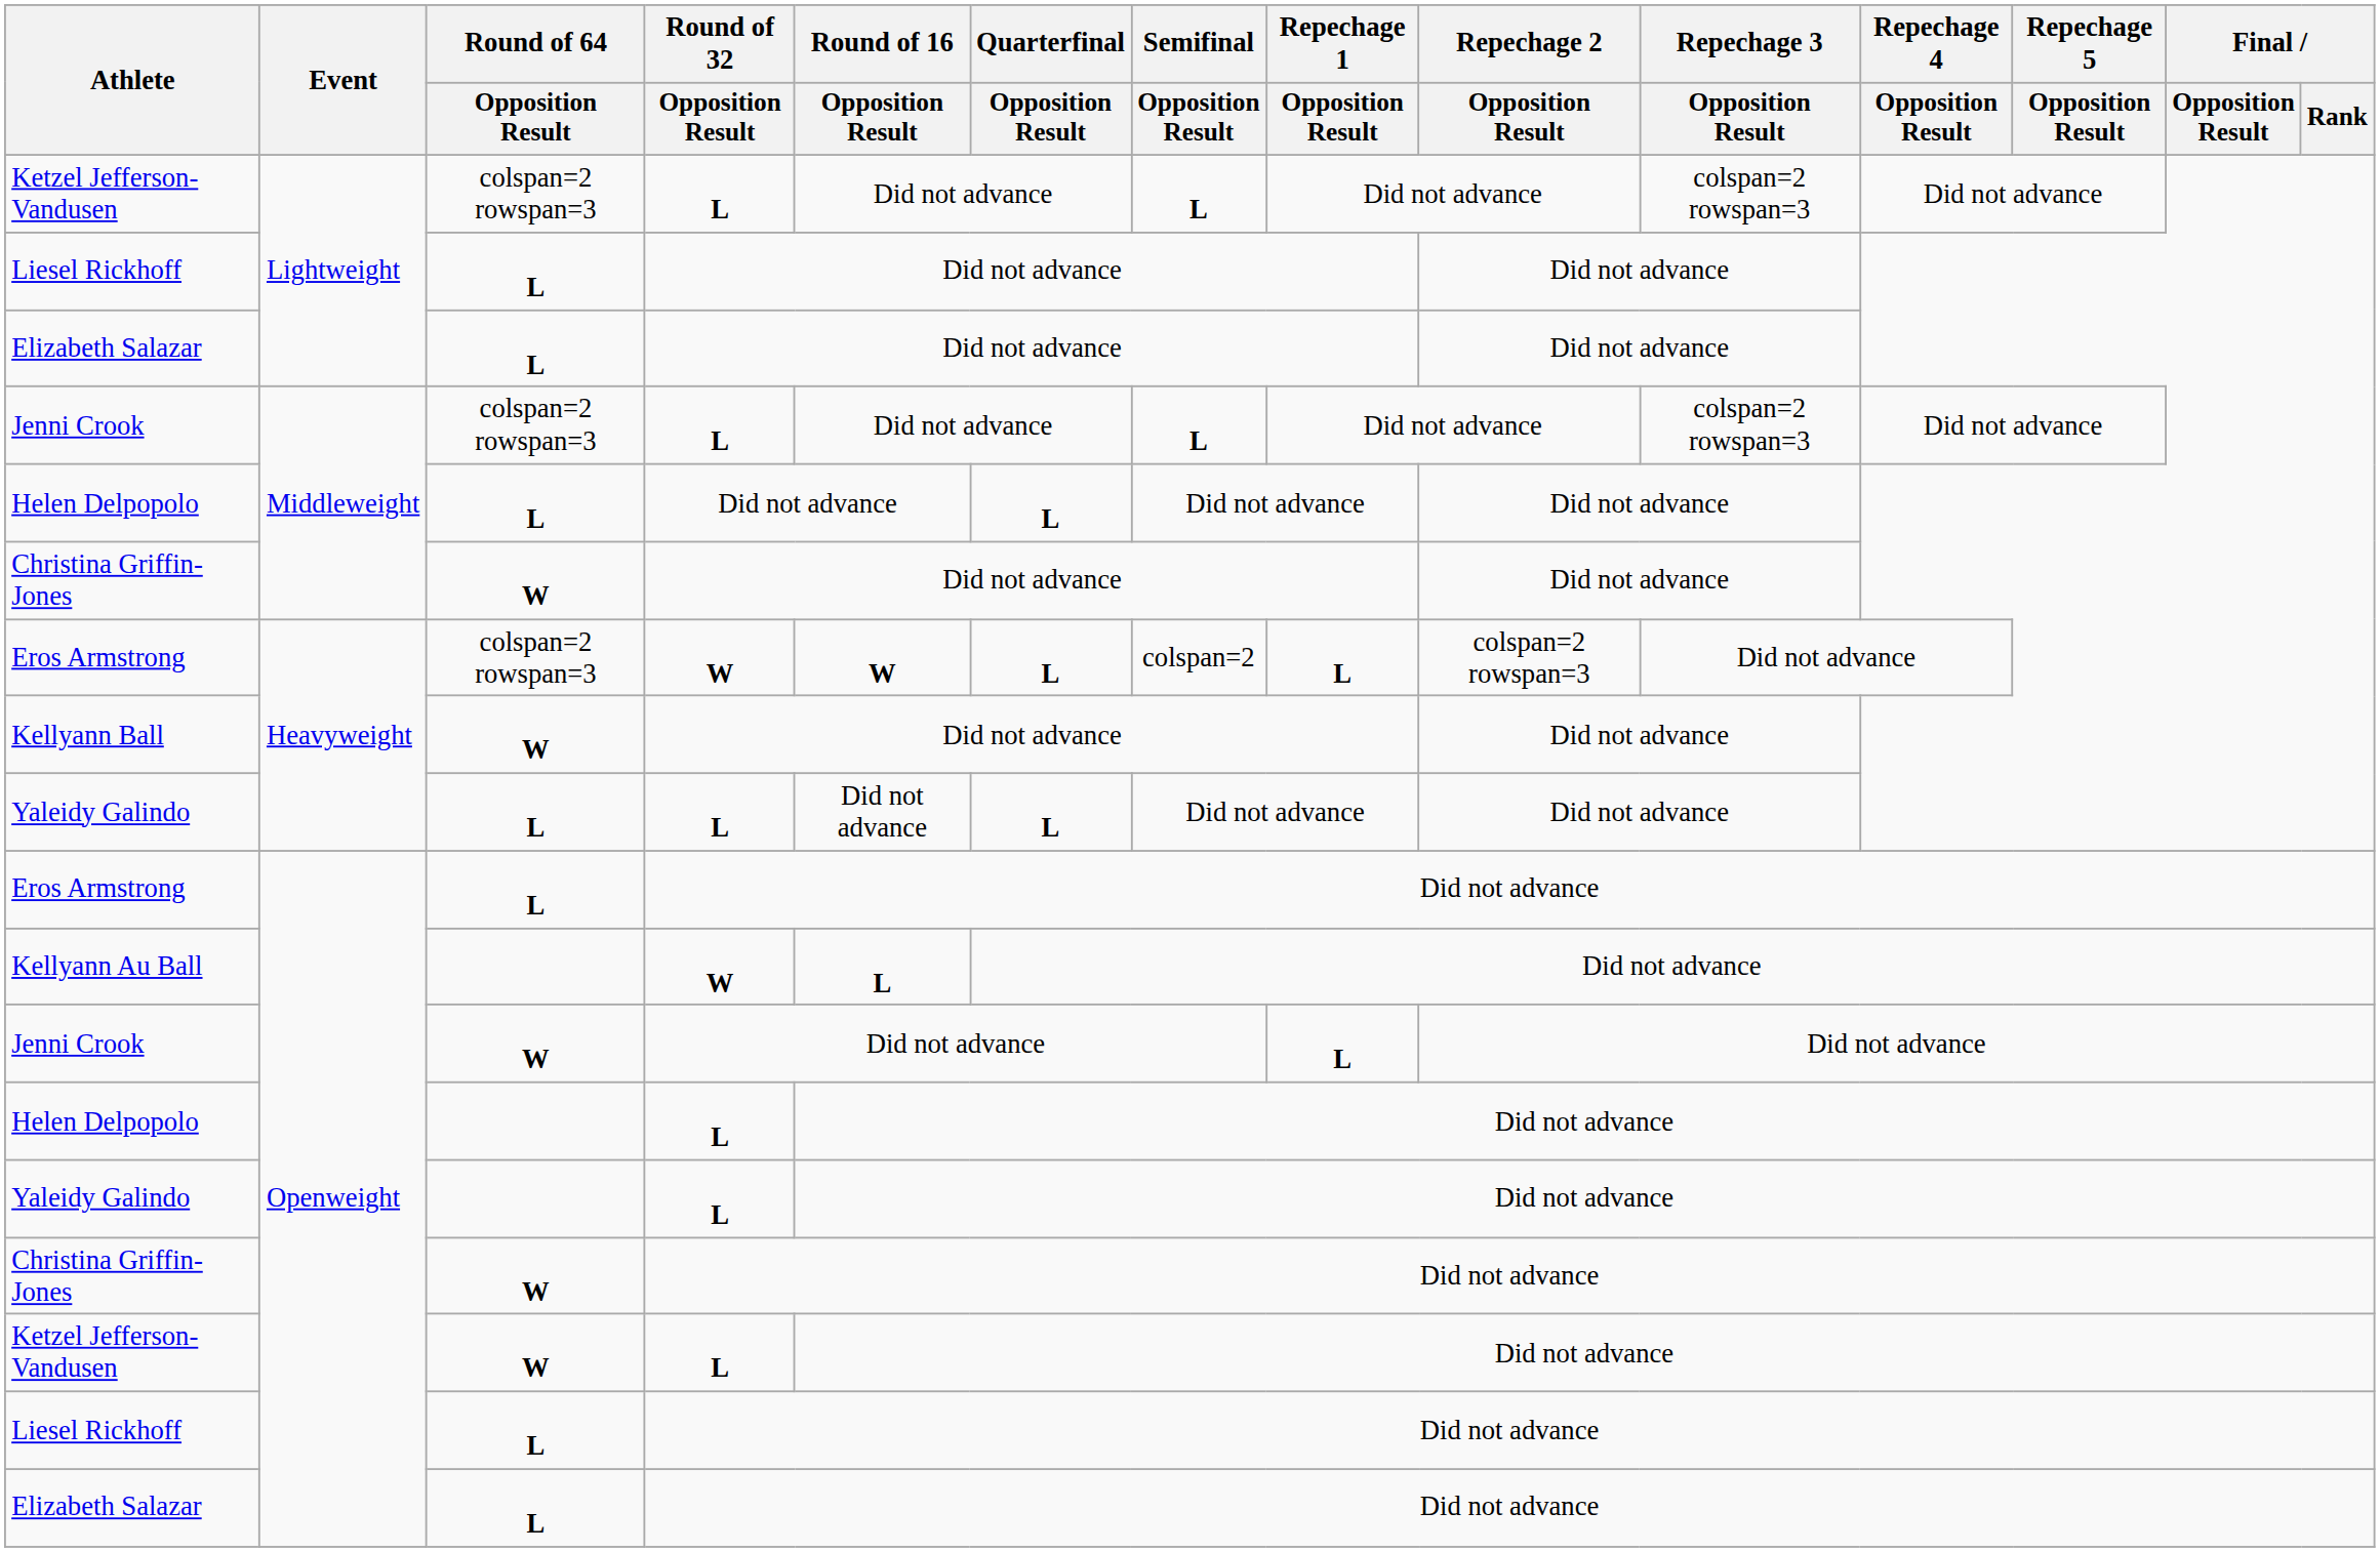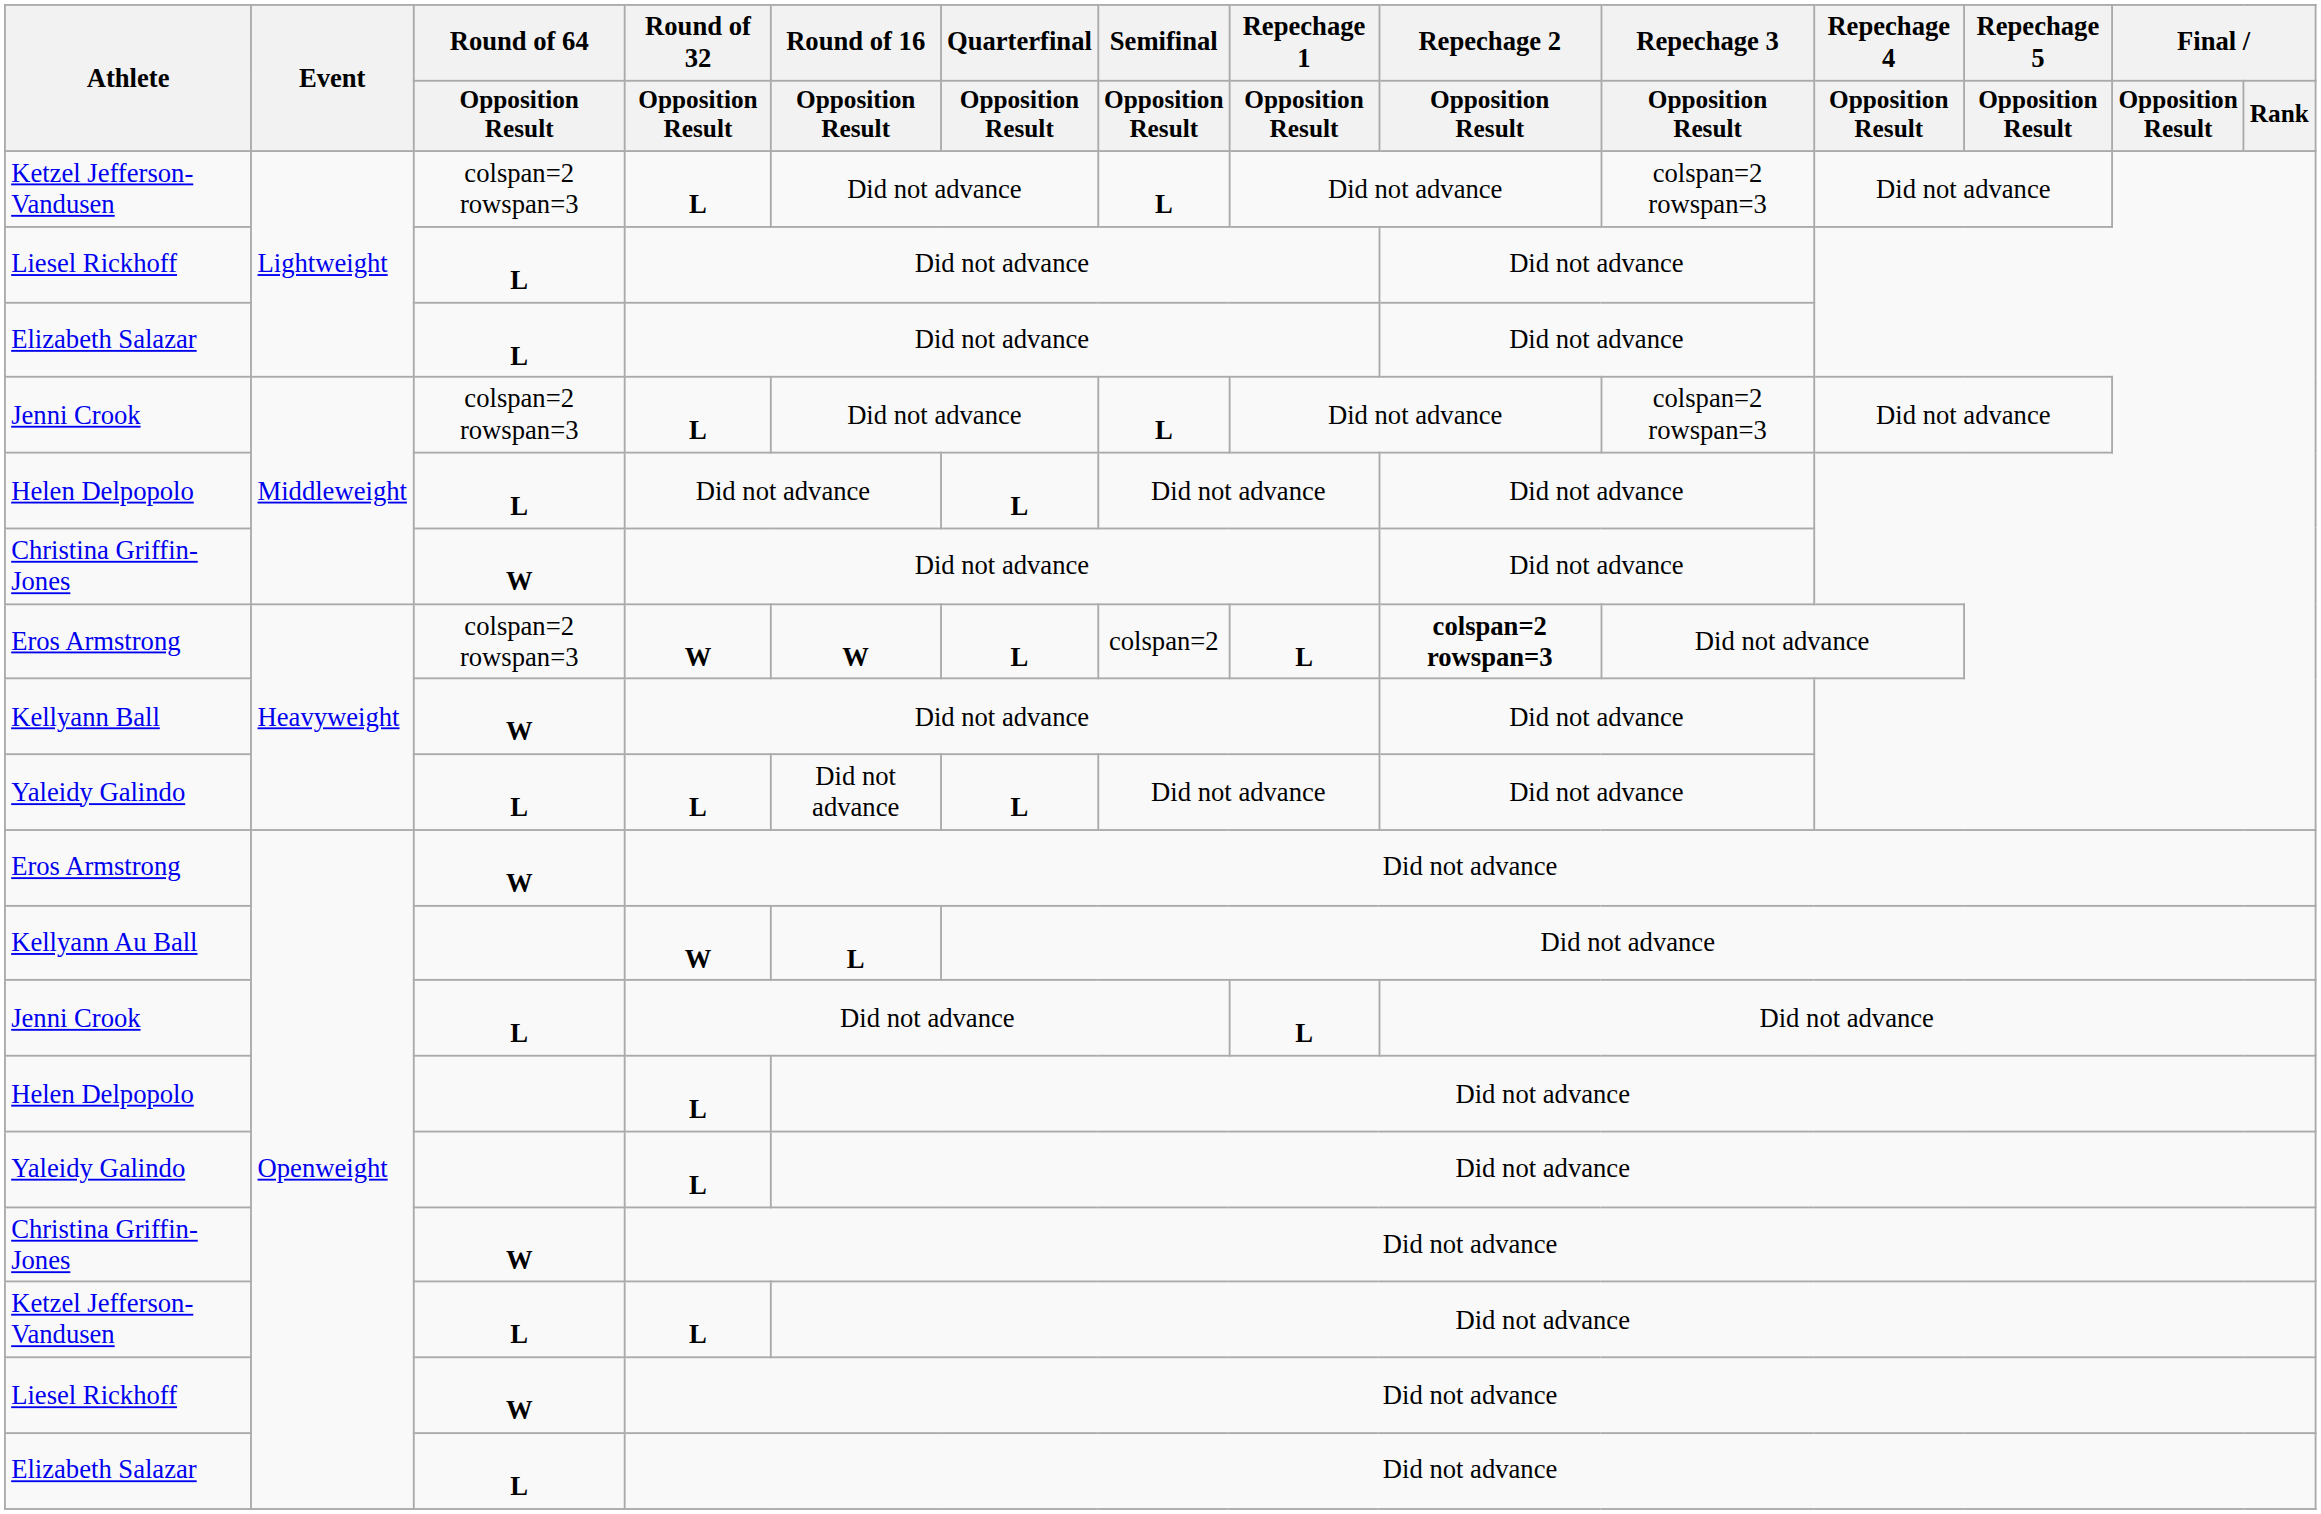 <table class=wikitable style=font-size:90%;text-align:center>
 <tr>
 <th rowspan=2>Athlete</th>
 <th rowspan=2>Event</th>
 <th>Round of 64</th>
 <th>Round of 32</th>
 <th>Round of 16</th>
 <th>Quarterfinal</th>
 <th>Semifinal</th>
 <th>Repechage 1</th>
 <th>Repechage 2</th>
 <th>Repechage 3</th>
 <th>Repechage 4</th>
 <th>Repechage 5</th>
 <th colspan=2>Final / </th>
 </tr>
 <tr style=font-size:95%>
 <th>Opposition<br>Result</th>
 <th>Opposition<br>Result</th>
 <th>Opposition<br>Result</th>
 <th>Opposition<br>Result</th>
 <th>Opposition<br>Result</th>
 <th>Opposition<br>Result</th>
 <th>Opposition<br>Result</th>
 <th>Opposition<br>Result</th>
 <th>Opposition<br>Result</th>
 <th>Opposition<br>Result</th>
 <th>Opposition<br>Result</th>
 <th>Rank</th>
 </tr>
 <tr>
 <td align=left><a href='#'>Ketzel Jefferson-Vandusen</a></td>
 <td align=left rowspan=3><a href='#'>Lightweight</a></td>
 <td>colspan=2 rowspan=3 </td>
 <td><br><strong>L</strong></td>
 <td colspan=2>Did not advance</td>
 <td><br><strong>L</strong></td>
 <td colspan=2>Did not advance</td>
 <td>colspan=2 rowspan=3 </td>
 <td colspan=2>Did not advance</td>
 </tr>
 <tr>
 <td align=left><a href='#'>Liesel Rickhoff</a></td>
 <td><br><strong>L</strong></td>
 <td colspan=5>Did not advance</td>
 <td colspan=2>Did not advance</td>
 </tr>
 <tr>
 <td align=left><a href='#'>Elizabeth Salazar</a></td>
 <td><br><strong>L</strong></td>
 <td colspan=5>Did not advance</td>
 <td colspan=2>Did not advance</td>
 </tr>
 <tr>
 <td align=left><a href='#'>Jenni Crook</a></td>
 <td align=left rowspan=3><a href='#'>Middleweight</a></td>
 <td>colspan=2 rowspan=3 </td>
 <td><br><strong>L</strong></td>
 <td colspan=2>Did not advance</td>
 <td><br><strong>L</strong></td>
 <td colspan=2>Did not advance</td>
 <td>colspan=2 rowspan=3 </td>
 <td colspan=2>Did not advance</td>
 </tr>
 <tr>
 <td align=left><a href='#'>Helen Delpopolo</a></td>
 <td><br><strong>L</strong></td>
 <td colspan=2>Did not advance</td>
 <td><br><strong>L</strong></td>
 <td colspan=2>Did not advance</td>
 <td colspan=2>Did not advance</td>
 </tr>
 <tr>
 <td align=left><a href='#'>Christina Griffin-Jones</a></td>
 <td><br><strong>W</strong></td>
 <td colspan=5>Did not advance</td>
 <td colspan=2>Did not advance</td>
 </tr>
 <tr>
 <td align=left><a href='#'>Eros Armstrong</a></td>
 <td align=left rowspan=3><a href='#'>Heavyweight</a></td>
 <td>colspan=2 rowspan=3 </td>
 <td><br><strong>W</strong></td>
 <td><br><strong>W</strong></td>
 <td><br><strong>L</strong></td>
 <td>colspan=2 </td>
 <td><br><strong>L</strong></td>
-<td>colspan=2 rowspan=3 </td>
+<td><strong>colspan=2 rowspan=3 </strong></td>
 <td colspan=2>Did not advance</td>
 </tr>
 <tr>
 <td align=left><a href='#'>Kellyann Ball</a></td>
 <td><br><strong>W</strong></td>
 <td colspan=5>Did not advance</td>
 <td colspan=2>Did not advance</td>
 </tr>
 <tr>
 <td align=left><a href='#'>Yaleidy Galindo</a></td>
 <td><br><strong>L</strong></td>
 <td><br><strong>L</strong></td>
 <td>Did not advance</td>
 <td><br><strong>L</strong></td>
 <td colspan=2>Did not advance</td>
 <td colspan=2>Did not advance</td>
 </tr>
 <tr>
 <td align=left><a href='#'>Eros Armstrong</a></td>
 <td align=left rowspan=9><a href='#'>Openweight</a></td>
-<td><br><strong>L</strong></td>
+<td><br><strong>W</strong></td>
 <td colspan=11>Did not advance</td>
 </tr>
 <tr>
 <td align=left><a href='#'>Kellyann Au Ball</a></td>
 <td></td>
 <td><br><strong>W</strong></td>
 <td><br><strong>L</strong></td>
 <td colspan=9>Did not advance</td>
 </tr>
 <tr>
 <td align=left><a href='#'>Jenni Crook</a></td>
-<td><br><strong>W</strong></td>
+<td><br><strong>L</strong></td>
 <td colspan=4>Did not advance</td>
 <td><br><strong>L</strong></td>
 <td colspan=6>Did not advance</td>
 </tr>
 <tr>
 <td align=left><a href='#'>Helen Delpopolo</a></td>
 <td></td>
 <td><br><strong>L</strong></td>
 <td colspan=10>Did not advance</td>
 </tr>
 <tr>
 <td align=left><a href='#'>Yaleidy Galindo</a></td>
 <td></td>
 <td><br><strong>L</strong></td>
 <td colspan=10>Did not advance</td>
 </tr>
 <tr>
 <td align=left><a href='#'>Christina Griffin-Jones</a></td>
 <td><br><strong>W</strong></td>
 <td colspan=11>Did not advance</td>
 </tr>
 <tr>
 <td align=left><a href='#'>Ketzel Jefferson-Vandusen</a></td>
-<td><br><strong>W</strong></td>
+<td><br><strong>L</strong></td>
 <td><br><strong>L</strong></td>
 <td colspan=10>Did not advance</td>
 </tr>
 <tr>
 <td align=left><a href='#'>Liesel Rickhoff</a></td>
-<td><br><strong>L</strong></td>
+<td><br><strong>W</strong></td>
 <td colspan=11>Did not advance</td>
 </tr>
 <tr>
 <td align=left><a href='#'>Elizabeth Salazar</a></td>
 <td><br><strong>L</strong></td>
 <td colspan=11>Did not advance</td>
 </tr>
 </table>
